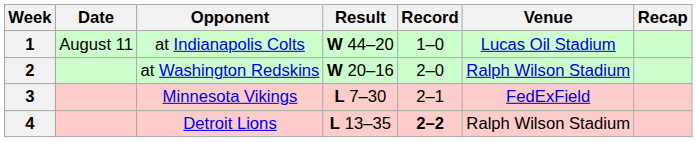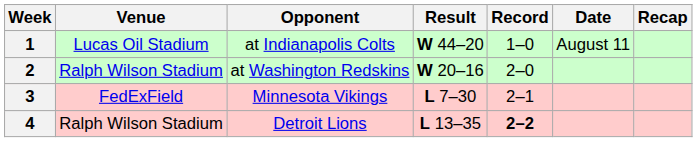 <table class="wikitable" style="text-align:center">
 <tr>
 <th>Week</th>
-<th>Date</th>
+<th>Venue</th>
 <th>Opponent</th>
 <th>Result</th>
 <th>Record</th>
-<th>Venue</th>
+<th>Date</th>
 <th>Recap</th>
 </tr>
 <tr style="background:#cfc">
 <th>1</th>
-<td>August 11</td>
+<td><a href='#'>Lucas Oil Stadium</a></td>
 <td>at <a href='#'>Indianapolis Colts</a></td>
 <td><strong>W </strong>44–20</td>
 <td>1–0</td>
-<td><a href='#'>Lucas Oil Stadium</a></td>
+<td>August 11</td>
 <td></td>
 </tr>
 <tr style="background:#cfc">
 <th>2</th>
-<td></td>
+<td><a href='#'>Ralph Wilson Stadium</a></td>
 <td>at <a href='#'>Washington Redskins</a></td>
 <td><strong>W</strong> 20–16</td>
 <td>2–0</td>
-<td><a href='#'>Ralph Wilson Stadium</a></td>
+<td></td>
 <td></td>
 </tr>
 <tr style="background:#fcc">
 <th>3</th>
-<td></td>
+<td><a href='#'>FedExField</a></td>
 <td><a href='#'>Minnesota Vikings</a></td>
 <td><strong>L</strong> 7–30</td>
 <td>2–1</td>
-<td><a href='#'>FedExField</a></td>
+<td></td>
 <td></td>
 </tr>
 <tr style="background:#fcc">
 <th>4</th>
-<td></td>
+<td>Ralph Wilson Stadium</td>
 <td><a href='#'>Detroit Lions</a></td>
 <td><strong>L</strong> 13–35</td>
 <td><strong>2–2</strong></td>
-<td>Ralph Wilson Stadium</td>
+<td></td>
 <td></td>
 </tr>
 </table>
